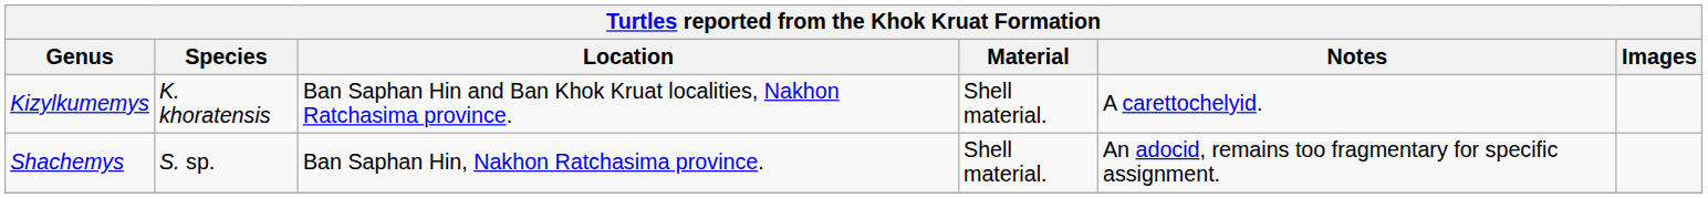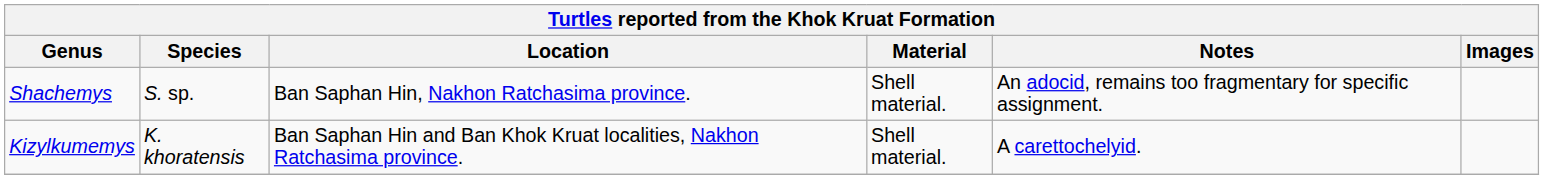 <table class="wikitable" align="center">
 <tr>
 <th colspan="6" align="center"><strong><a href='#'>Turtles</a> reported from the Khok Kruat Formation</strong></th>
 </tr>
 <tr>
 <th>Genus</th>
 <th>Species</th>
 <th>Location</th>
 <th><strong>Material</strong></th>
 <th>Notes</th>
 <th>Images</th>
 </tr>
 <tr>
+<td><em><a href='#'>Shachemys</a></em></td>
+<td><em>S.</em> sp.</td>
+<td>Ban Saphan Hin, <a href='#'>Nakhon Ratchasima province</a>.</td>
+<td>Shell material.</td>
+<td>An <a href='#'>adocid</a>, remains too fragmentary for specific assignment.</td>
+<td></td>
+</tr>
+<tr>
 <td><em><a href='#'>Kizylkumemys</a></em></td>
 <td><em>K. khoratensis</em></td>
 <td>Ban Saphan Hin and Ban Khok Kruat localities, <a href='#'>Nakhon Ratchasima province</a>.</td>
 <td>Shell material.</td>
 <td>A <a href='#'>carettochelyid</a>.</td>
 <td></td>
 </tr>
 <tr>
-<td><em><a href='#'>Shachemys</a></em></td>
-<td><em>S.</em> sp.</td>
-<td>Ban Saphan Hin, <a href='#'>Nakhon Ratchasima province</a>.</td>
-<td>Shell material.</td>
-<td>An <a href='#'>adocid</a>, remains too fragmentary for specific assignment.</td>
-<td></td>
-</tr>
-<tr>
 </tr>
 </table>
